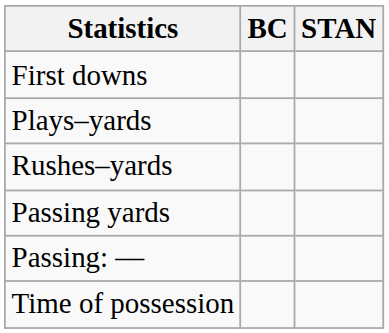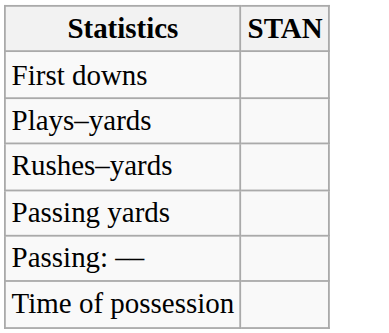 <table class="wikitable" style="float:left">
 <tr>
 <th>Statistics</th>
-<th>BC</th>
 <th>STAN</th>
 </tr>
 <tr>
 <td>First downs</td>
 <td></td>
-<td></td>
 </tr>
 <tr>
 <td>Plays–yards</td>
-<td></td>
 <td></td>
 </tr>
 <tr>
 <td>Rushes–yards</td>
 <td></td>
-<td></td>
 </tr>
 <tr>
 <td>Passing yards</td>
-<td></td>
 <td></td>
 </tr>
 <tr>
 <td>Passing: ––</td>
 <td></td>
-<td></td>
 </tr>
 <tr>
 <td>Time of possession</td>
 <td></td>
-<td></td>
 </tr>
 </table>
